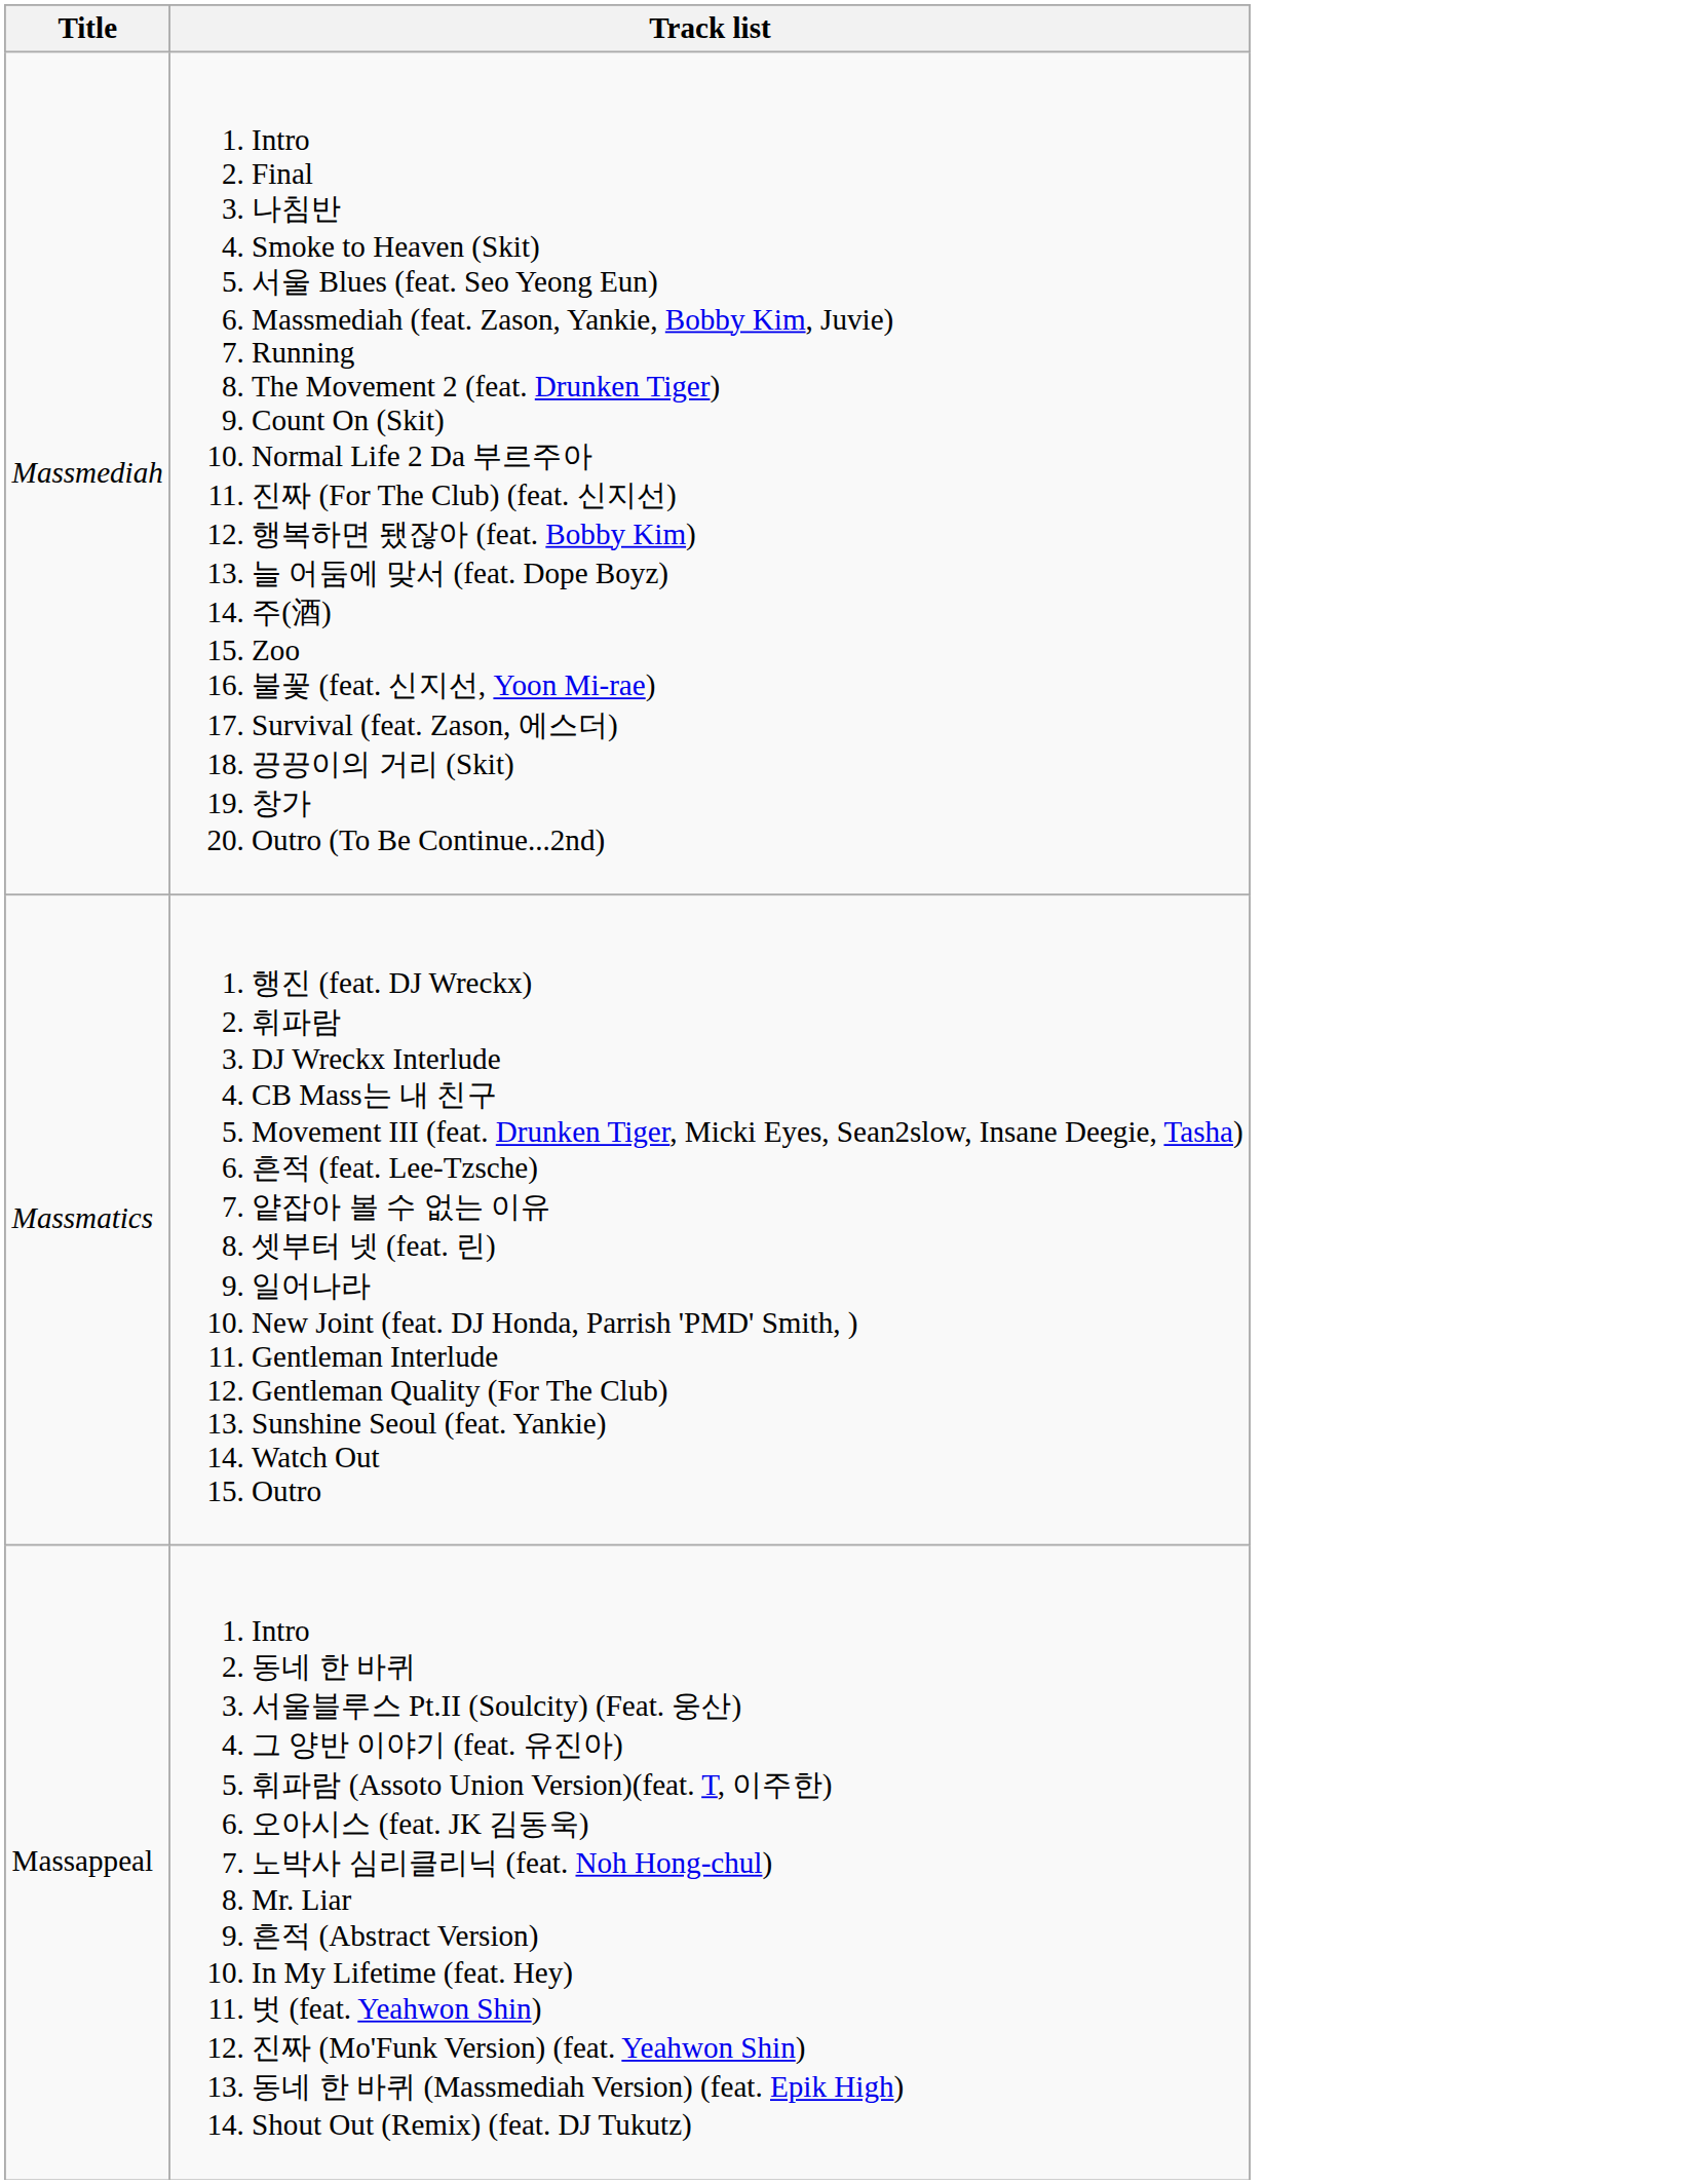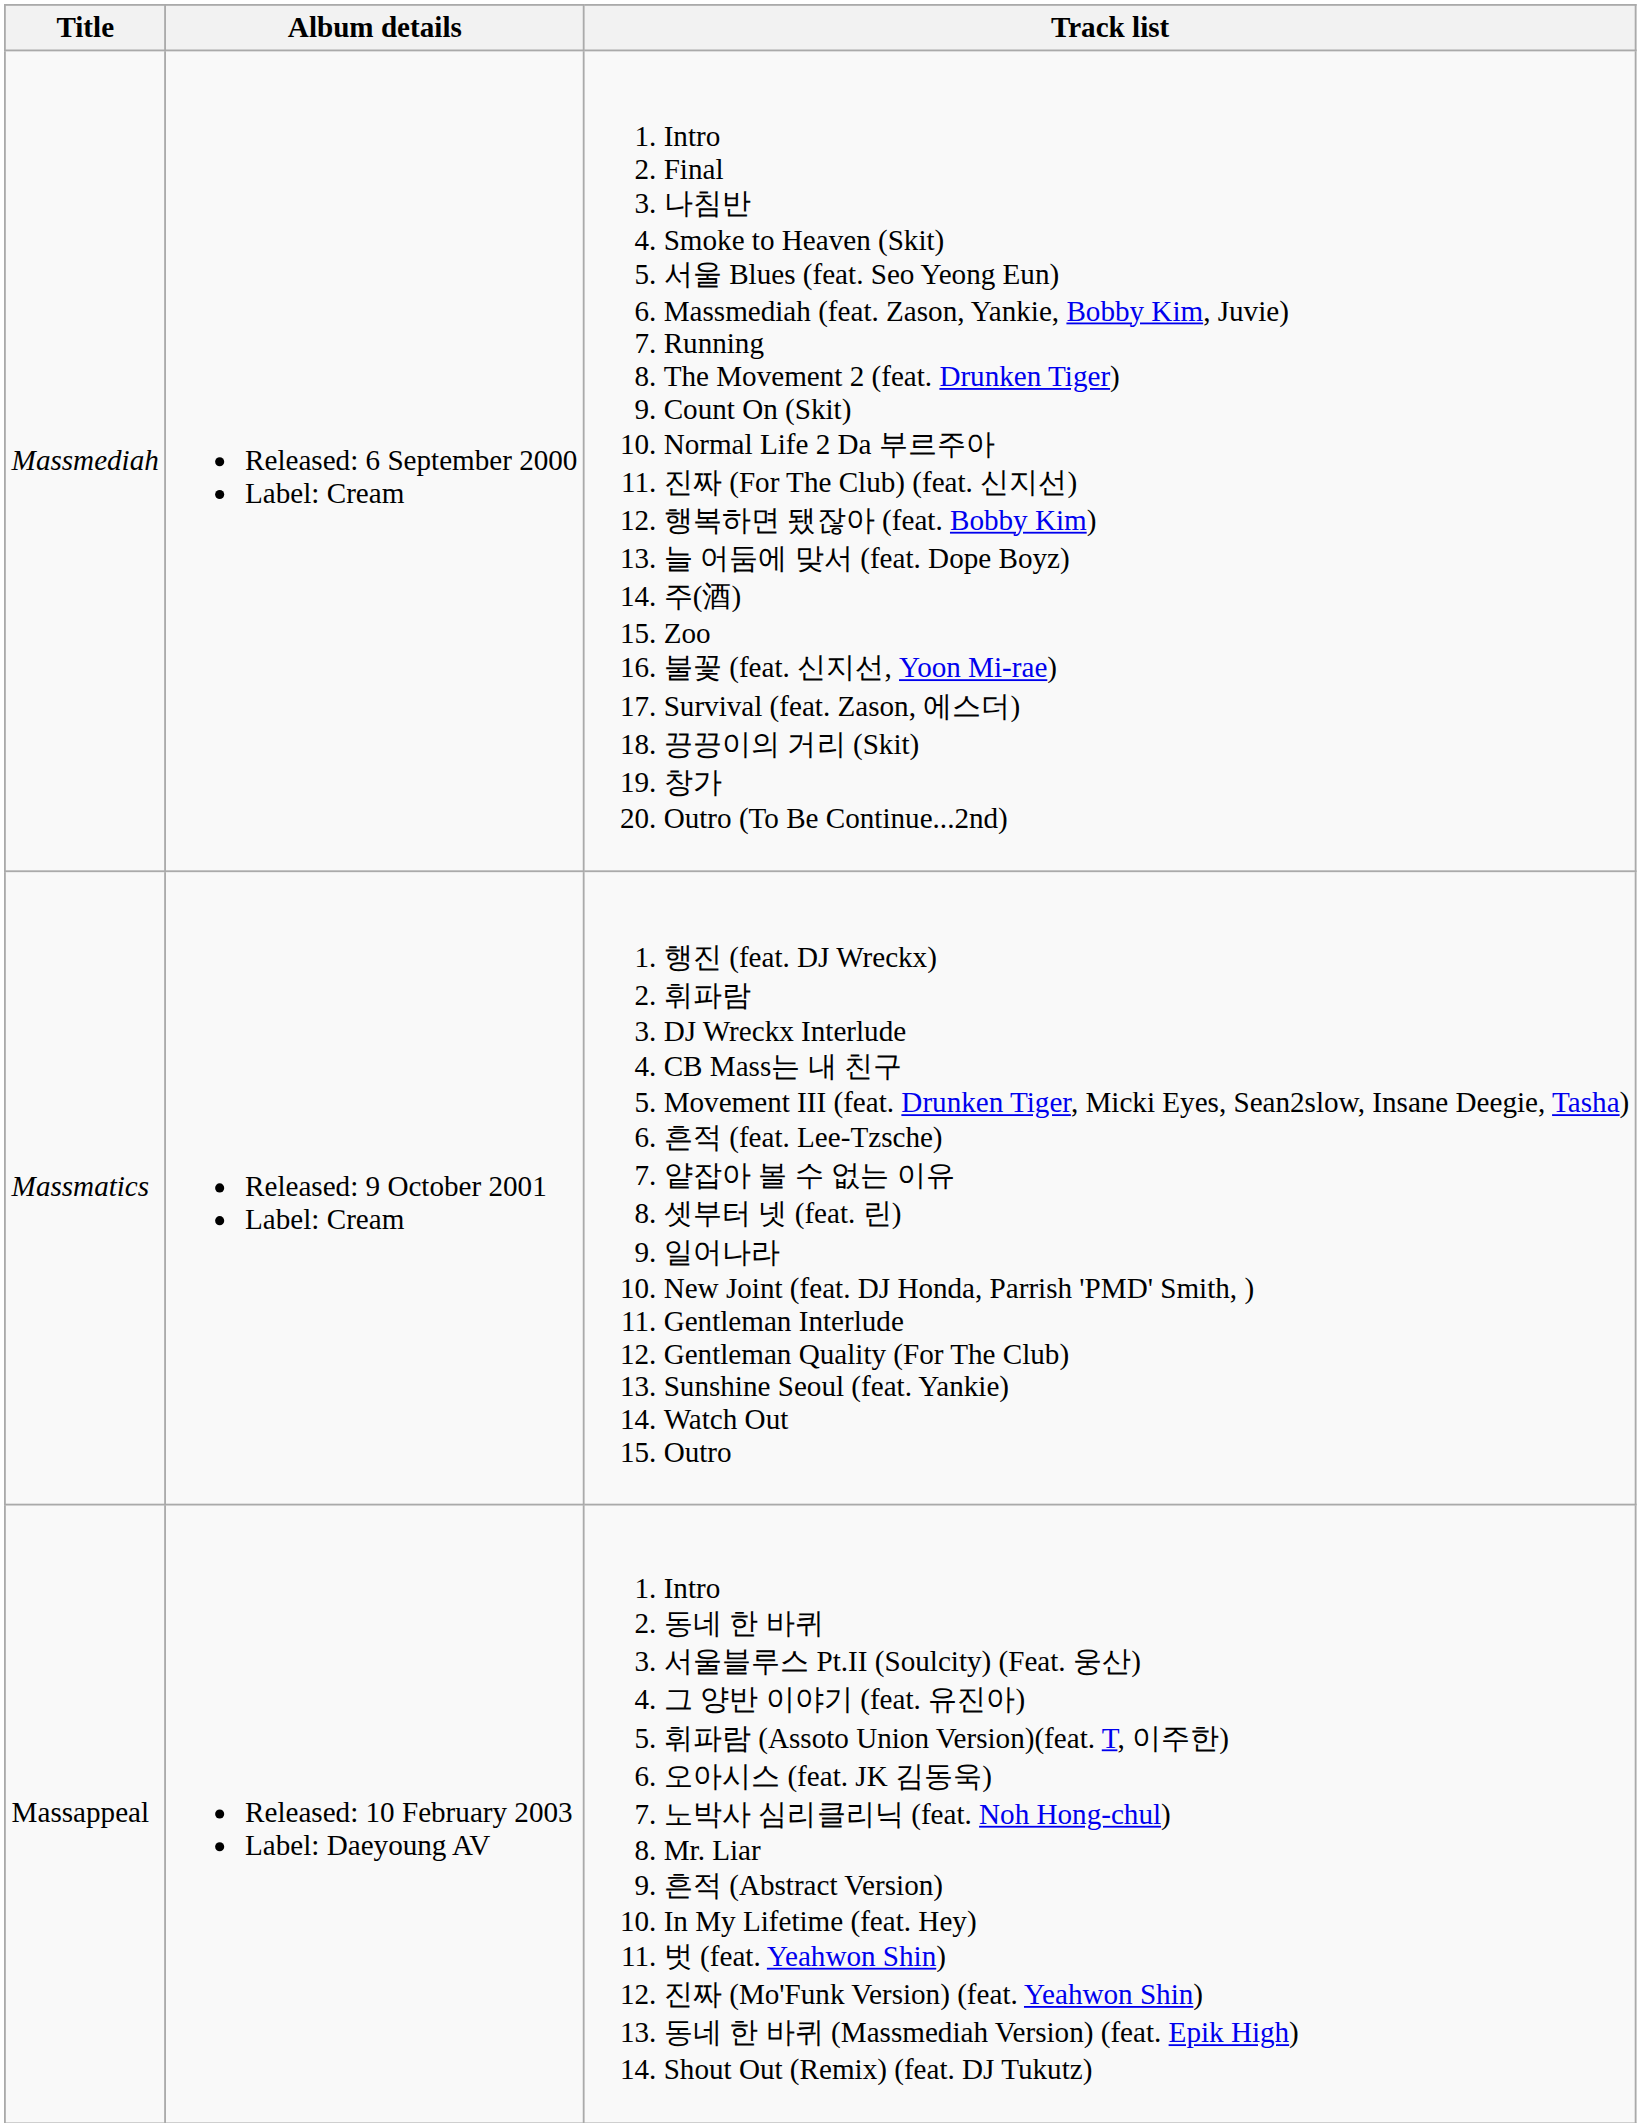 <table class="wikitable">
 <tr>
 <th>Title</th>
+<th>Album details</th>
 <th>Track list</th>
 </tr>
 <tr>
 <td><em>Massmediah</em></td>
+<td><br><ul><li>Released: 6 September 2000</li><li>Label: Cream</li></ul></td>
 <td><br><ol><li>Intro</li><li>Final</li><li>나침반</li><li>Smoke to Heaven (Skit)</li><li>서울 Blues (feat. Seo Yeong Eun)</li><li>Massmediah (feat. Zason, Yankie, <a href='#'>Bobby Kim</a>, Juvie)</li><li>Running</li><li>The Movement 2 (feat. <a href='#'>Drunken Tiger</a>)</li><li>Count On (Skit)</li><li>Normal Life 2 Da 부르주아</li><li>진짜 (For The Club) (feat. 신지선)</li><li>행복하면 됐잖아 (feat. <a href='#'>Bobby Kim</a>)</li><li>늘 어둠에 맞서 (feat. Dope Boyz)</li><li>주(酒)</li><li>Zoo</li><li>불꽃 (feat. 신지선, <a href='#'>Yoon Mi-rae</a>)</li><li>Survival (feat. Zason, 에스더)</li><li>끙끙이의 거리 (Skit)</li><li>창가</li><li>Outro (To Be Continue...2nd)</li></ol></td>
 </tr>
 <tr>
 <td><em>Massmatics</em></td>
+<td><br><ul><li>Released: 9 October 2001</li><li>Label: Cream</li></ul></td>
 <td><br><ol><li>행진 (feat. DJ Wreckx)</li><li>휘파람</li><li>DJ Wreckx Interlude</li><li>CB Mass는 내 친구</li><li>Movement III (feat. <a href='#'>Drunken Tiger</a>, Micki Eyes, Sean2slow, Insane Deegie, <a href='#'>Tasha</a>)</li><li>흔적 (feat. Lee-Tzsche)</li><li>얕잡아 볼 수 없는 이유</li><li>셋부터 넷 (feat. 린)</li><li>일어나라</li><li>New Joint (feat. DJ Honda, Parrish 'PMD' Smith, )</li><li>Gentleman Interlude</li><li>Gentleman Quality (For The Club)</li><li>Sunshine Seoul (feat. Yankie)</li><li>Watch Out</li><li>Outro</li></ol></td>
 </tr>
 <tr>
 <td>Massappeal</td>
+<td><br><ul><li>Released: 10 February 2003</li><li>Label: Daeyoung AV</li></ul></td>
 <td><br><ol><li>Intro</li><li>동네 한 바퀴</li><li>서울블루스 Pt.II (Soulcity) (Feat. 웅산)</li><li>그 양반 이야기 (feat. 유진아)</li><li>휘파람 (Assoto Union Version)(feat. <a href='#'>T</a>, 이주한)</li><li>오아시스 (feat. JK 김동욱)</li><li>노박사 심리클리닉 (feat. <a href='#'>Noh Hong-chul</a>)</li><li>Mr. Liar</li><li>흔적 (Abstract Version)</li><li>In My Lifetime (feat. Hey)</li><li>벗 (feat. <a href='#'>Yeahwon Shin</a>)</li><li>진짜 (Mo'Funk Version) (feat. <a href='#'>Yeahwon Shin</a>)</li><li>동네 한 바퀴 (Massmediah Version) (feat. <a href='#'>Epik High</a>)</li><li>Shout Out (Remix) (feat. DJ Tukutz)</li></ol></td>
 </tr>
 </table>
